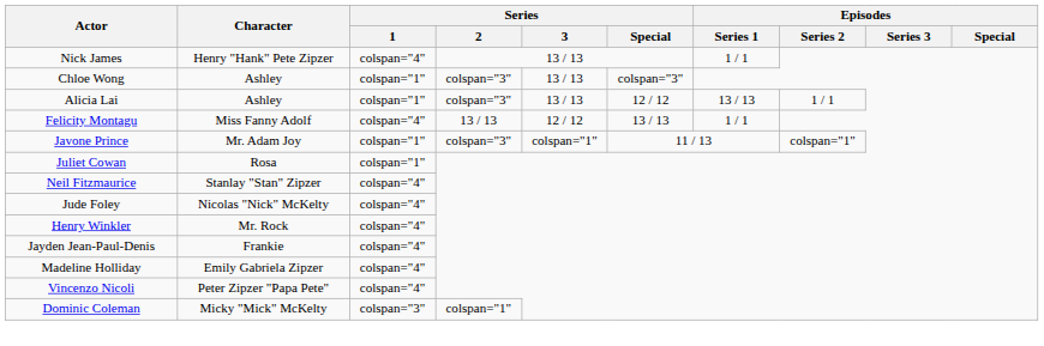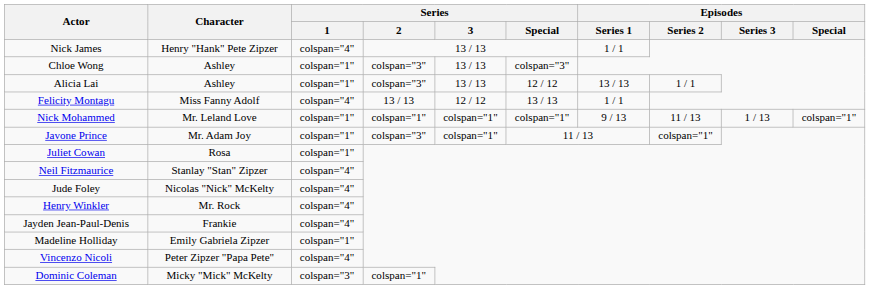 <table class="wikitable plainrowheaders" style="text-align:center">
 <tr>
 <th rowspan="2" width="14%" scope="col">Actor</th>
 <th rowspan="2" width="14%" scope="col">Character</th>
 <th colspan="4">Series</th>
 <th colspan="4">Episodes</th>
 </tr>
 <tr>
 <th width="7%" scope="col">1</th>
 <th width="7%" scope="col">2</th>
 <th width="7%" scope="col">3</th>
 <th width="7%" scope="col">Special</th>
 <th width="7%" scope="col">Series 1</th>
 <th width="7%" scope="col">Series 2</th>
 <th width="7%" scope="col">Series 3</th>
 <th width="7%" scope="col">Special</th>
 </tr>
 <tr>
 <td>Nick James</td>
 <td>Henry "Hank" Pete Zipzer</td>
 <td>colspan="4" </td>
 <td colspan="3">13 / 13</td>
 <td>1 / 1</td>
 </tr>
 <tr>
 <td>Chloe Wong</td>
 <td>Ashley</td>
 <td>colspan="1" </td>
 <td>colspan="3" </td>
 <td>13 / 13</td>
 <td>colspan="3" </td>
 </tr>
 <tr>
 <td>Alicia Lai</td>
 <td>Ashley</td>
 <td>colspan="1" </td>
 <td>colspan="3" </td>
 <td>13 / 13</td>
 <td>12 / 12</td>
 <td>13 / 13</td>
 <td>1 / 1</td>
 </tr>
 <tr>
 <td><a href='#'>Felicity Montagu</a></td>
 <td>Miss Fanny Adolf</td>
 <td>colspan="4" </td>
 <td>13 / 13</td>
 <td>12 / 12</td>
 <td>13 / 13</td>
 <td>1 / 1</td>
 </tr>
 <tr>
+<td><a href='#'>Nick Mohammed</a></td>
+<td>Mr. Leland Love</td>
+<td>colspan="1" </td>
+<td>colspan="1" </td>
+<td>colspan="1" </td>
+<td>colspan="1" </td>
+<td>9 / 13</td>
+<td>11 / 13</td>
+<td>1 / 13</td>
+<td>colspan="1" </td>
+</tr>
+<tr>
 <td><a href='#'>Javone Prince</a></td>
 <td>Mr. Adam Joy</td>
 <td>colspan="1" </td>
 <td>colspan="3" </td>
 <td>colspan="1" </td>
 <td colspan="2">11 / 13</td>
 <td>colspan="1" </td>
 </tr>
 <tr>
 <td><a href='#'>Juliet Cowan</a></td>
 <td>Rosa</td>
 <td>colspan="1" </td>
 </tr>
 <tr>
 <td><a href='#'>Neil Fitzmaurice</a></td>
 <td>Stanlay "Stan" Zipzer</td>
 <td>colspan="4" </td>
 </tr>
 <tr>
 <td>Jude Foley</td>
 <td>Nicolas "Nick" McKelty</td>
 <td>colspan="4" </td>
 </tr>
 <tr>
 <td><a href='#'>Henry Winkler</a></td>
 <td>Mr. Rock</td>
 <td>colspan="4" </td>
 </tr>
 <tr>
 <td>Jayden Jean-Paul-Denis</td>
 <td>Frankie</td>
 <td>colspan="4" </td>
 </tr>
 <tr>
 <td>Madeline Holliday</td>
 <td>Emily Gabriela Zipzer</td>
-<td>colspan="4" </td>
+<td>colspan="1" </td>
 </tr>
 <tr>
 <td><a href='#'>Vincenzo Nicoli</a></td>
 <td>Peter Zipzer "Papa Pete"</td>
 <td>colspan="4" </td>
 </tr>
 <tr>
 <td><a href='#'>Dominic Coleman</a></td>
 <td>Micky "Mick" McKelty</td>
 <td>colspan="3" </td>
 <td>colspan="1" </td>
 </tr>
 </table>
